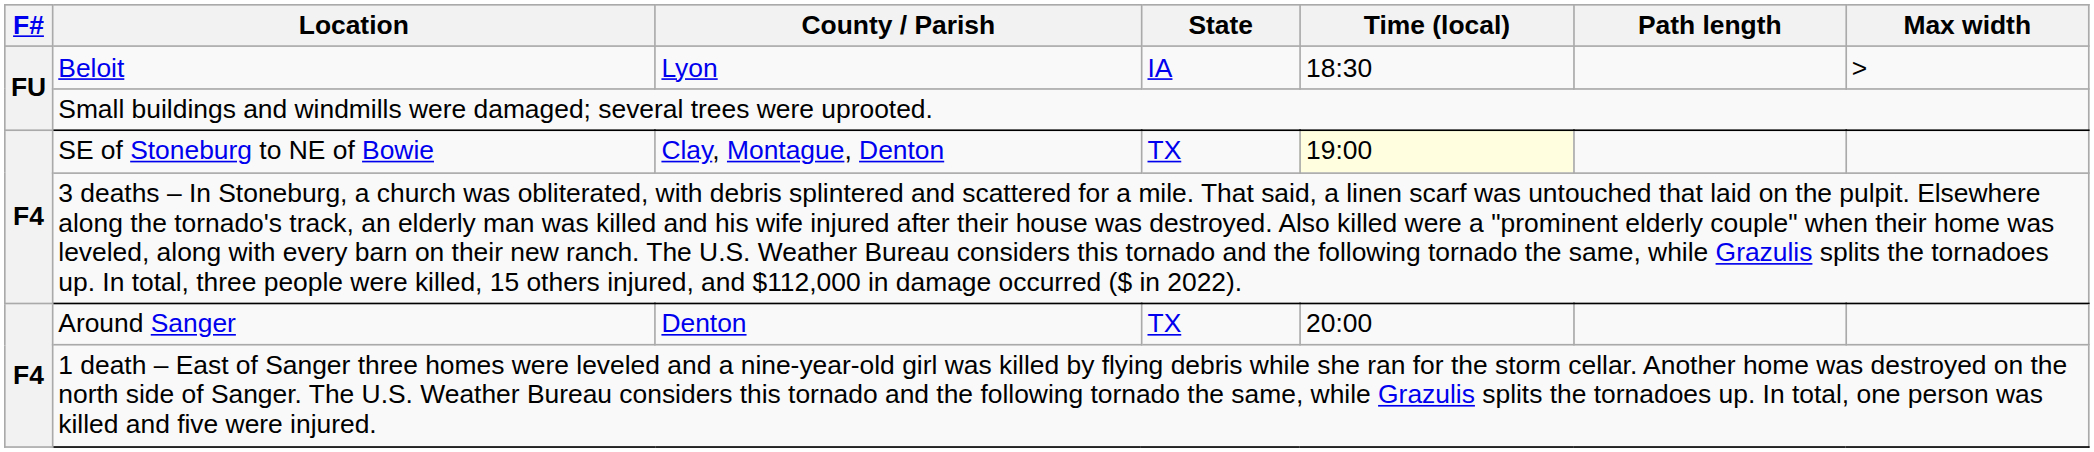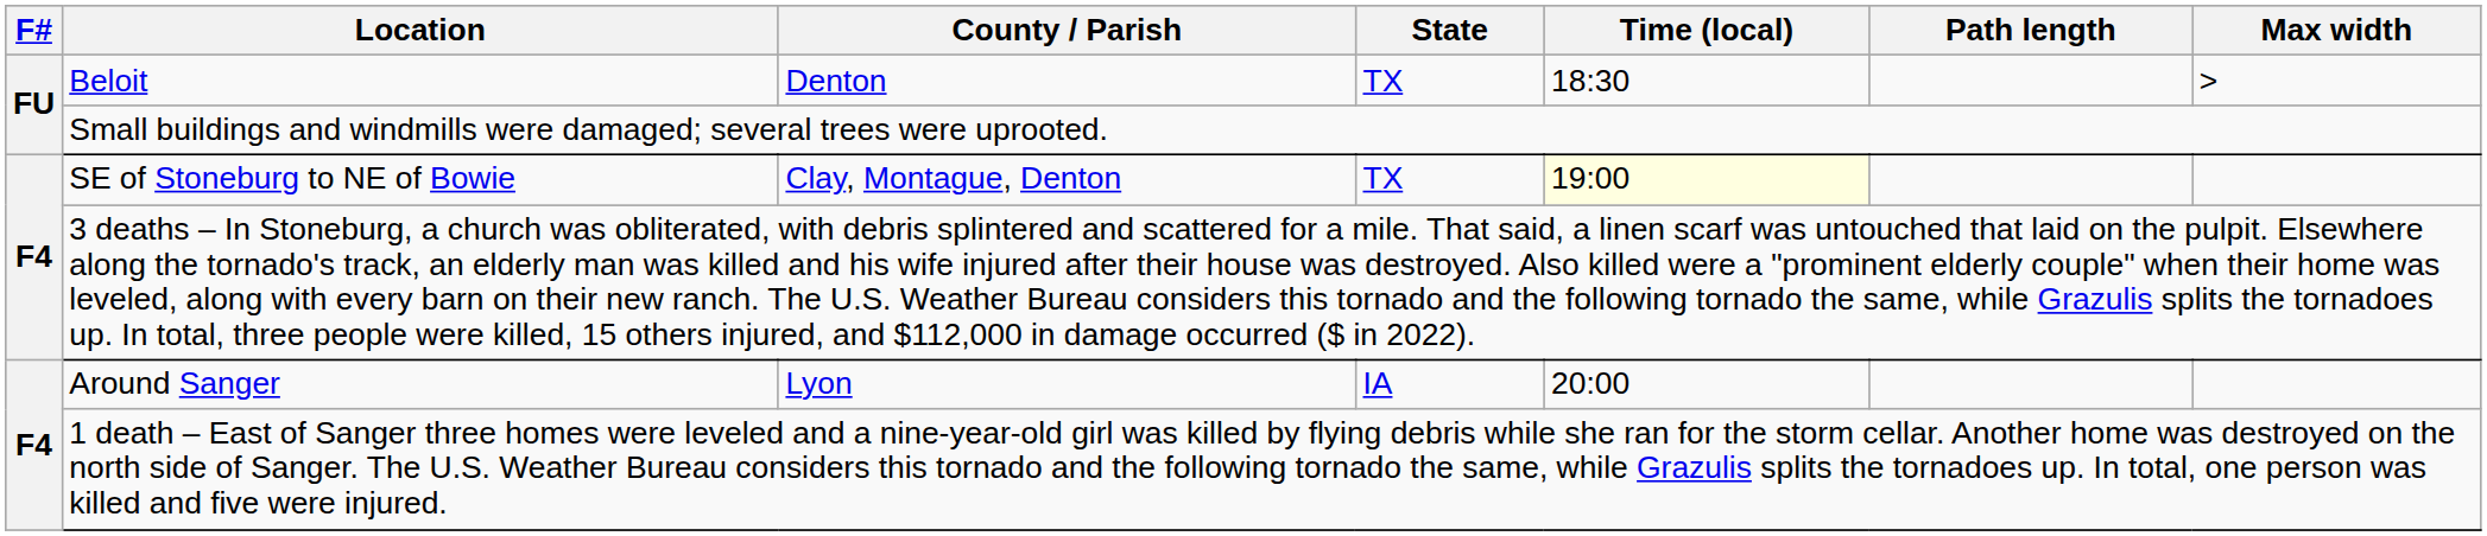 <table class="wikitable sortable" style="width:100%;">
 <tr>
 <th scope="col" align="center"><a href='#'>F#</a><br></th>
 <th scope="col" align="center" class="unsortable">Location</th>
 <th scope="col" align="center" class="unsortable">County / Parish</th>
 <th scope="col" align="center">State</th>
 <th scope="col" align="center">Time (local)</th>
 <th scope="col" align="center">Path length</th>
 <th scope="col" align="center">Max width</th>
 </tr>
 <tr>
 <th scope="row" rowspan="2" style="background-color:#">FU</th>
 <td><a href='#'>Beloit</a></td>
-<td><a href='#'>Lyon</a></td>
-<td><a href='#'>IA</a></td>
+<td><a href='#'>Denton</a></td>
+<td><a href='#'>TX</a></td>
 <td>18:30</td>
 <td></td>
 <td>></td>
 </tr>
 <tr class="expand-child">
 <td colspan="6" style="border-bottom: 1px solid black;">Small buildings and windmills were damaged; several trees were uprooted.</td>
 </tr>
 <tr>
 <th scope="row" rowspan="2" style="background-color:#">F4</th>
 <td>SE of <a href='#'>Stoneburg</a> to NE of <a href='#'>Bowie</a></td>
 <td><a href='#'>Clay</a>, <a href='#'>Montague</a>, <a href='#'>Denton</a></td>
 <td><a href='#'>TX</a></td>
 <td style="background: lightyellow;">19:00</td>
 <td></td>
 <td></td>
 </tr>
 <tr class="expand-child">
 <td colspan="6" style="border-bottom: 1px solid black;">3 deaths – In Stoneburg, a church was obliterated, with debris splintered and scattered for a mile. That said, a linen scarf was untouched that laid on the pulpit. Elsewhere along the tornado's track, an elderly man was killed and his wife injured after their house was destroyed. Also killed were a "prominent elderly couple" when their home was leveled, along with every barn on their new ranch. The U.S. Weather Bureau considers this tornado and the following tornado the same, while <a href='#'>Grazulis</a> splits the tornadoes up. In total, three people were killed, 15 others injured, and  $112,000 in damage occurred ($ in 2022).</td>
 </tr>
 <tr>
 <th scope="row" rowspan="2" style="background-color:#">F4</th>
 <td>Around <a href='#'>Sanger</a></td>
-<td><a href='#'>Denton</a></td>
-<td><a href='#'>TX</a></td>
+<td><a href='#'>Lyon</a></td>
+<td><a href='#'>IA</a></td>
 <td>20:00</td>
 <td></td>
 <td></td>
 </tr>
 <tr class="expand-child">
 <td colspan="6" style="border-bottom: 1px solid black;">1 death – East of Sanger three homes were leveled and a nine-year-old girl was killed by flying debris while she ran for the storm cellar. Another home was destroyed on the north side of Sanger. The U.S. Weather Bureau considers this tornado and the following tornado the same, while <a href='#'>Grazulis</a> splits the tornadoes up. In total, one person was killed and five were injured.</td>
 </tr>
 </table>
